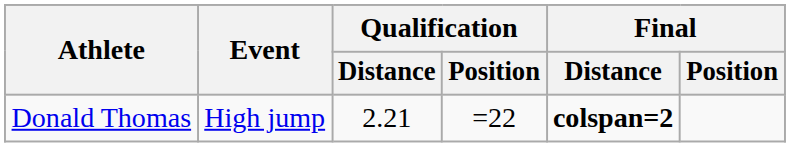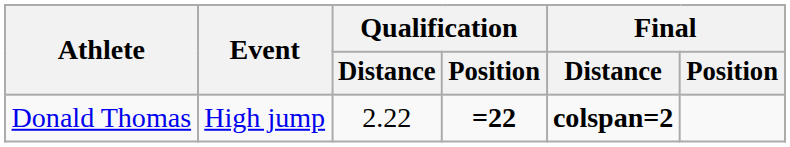 <table class=wikitable style=font-size:90%>
 <tr>
 <th rowspan=2>Athlete</th>
 <th rowspan=2>Event</th>
 <th colspan=2>Qualification</th>
 <th colspan=2>Final</th>
 </tr>
 <tr style=font-size:95%>
 <th>Distance</th>
 <th>Position</th>
 <th>Distance</th>
 <th>Position</th>
 </tr>
 <tr align=center>
 <td align=left><a href='#'>Donald Thomas</a></td>
 <td align=left><a href='#'>High jump</a></td>
-<td>2.21</td>
-<td>=22</td>
+<td>2.22</td>
+<td><strong>=22</strong></td>
 <td><strong>colspan=2 </strong></td>
 </tr>
 </table>
